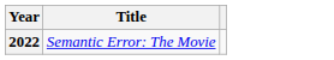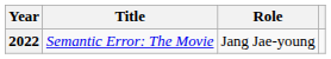 <table class="wikitable ">
 <tr>
 <th scope="col">Year</th>
 <th scope="col">Title</th>
+<th scope="col">Role</th>
 <th scope="col" class="unsortable"></th>
 </tr>
 <tr>
 <th scope="row">2022</th>
 <td><em><a href='#'>Semantic Error: The Movie</a></em></td>
+<td>Jang Jae-young</td>
 <td style="text-align:center"></td>
 </tr>
 </table>
